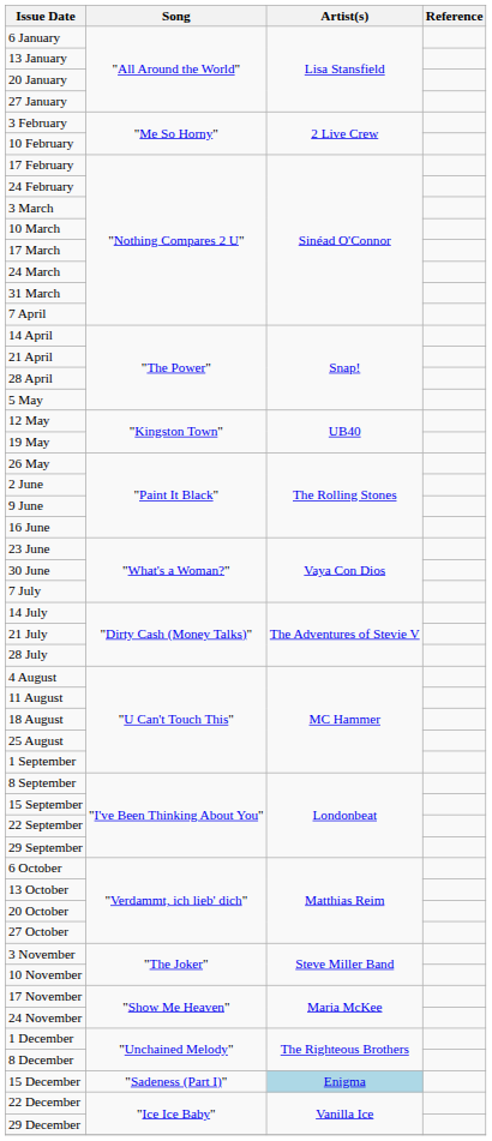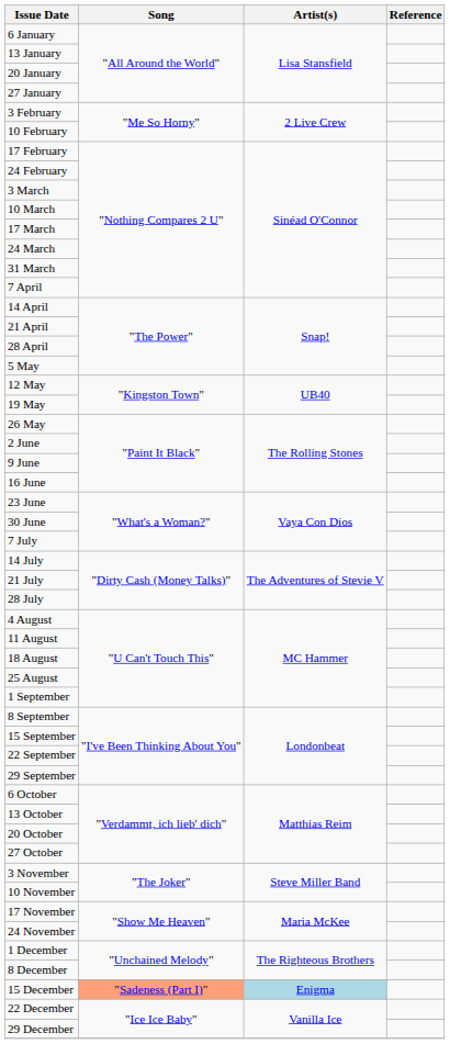 <table class="wikitable">
 <tr>
 <th align="center">Issue Date</th>
 <th align="center">Song</th>
 <th align="center">Artist(s)</th>
 <th align="center">Reference</th>
 </tr>
 <tr>
 <td>6 January</td>
 <td align="center" rowspan="4">"<a href='#'>All Around the World</a>"</td>
 <td align="center" rowspan="4"><a href='#'>Lisa Stansfield</a></td>
 <td align="center"></td>
 </tr>
 <tr>
 <td>13 January</td>
 <td align="center"></td>
 </tr>
 <tr>
 <td>20 January</td>
 <td align="center"></td>
 </tr>
 <tr>
 <td>27 January</td>
 <td align="center"></td>
 </tr>
 <tr>
 <td>3 February</td>
 <td align="center" rowspan="2">"<a href='#'>Me So Horny</a>"</td>
 <td align="center" rowspan="2"><a href='#'>2 Live Crew</a></td>
 <td align="center"></td>
 </tr>
 <tr>
 <td>10 February</td>
 <td align="center"></td>
 </tr>
 <tr>
 <td>17 February</td>
 <td align="center" rowspan="8">"<a href='#'>Nothing Compares 2 U</a>"</td>
 <td align="center" rowspan="8"><a href='#'>Sinéad O'Connor</a></td>
 <td align="center"></td>
 </tr>
 <tr>
 <td>24 February</td>
 <td align="center"></td>
 </tr>
 <tr>
 <td>3 March</td>
 <td align="center"></td>
 </tr>
 <tr>
 <td>10 March</td>
 <td align="center"></td>
 </tr>
 <tr>
 <td>17 March</td>
 <td align="center"></td>
 </tr>
 <tr>
 <td>24 March</td>
 <td align="center"></td>
 </tr>
 <tr>
 <td>31 March</td>
 <td align="center"></td>
 </tr>
 <tr>
 <td>7 April</td>
 <td align="center"></td>
 </tr>
 <tr>
 <td>14 April</td>
 <td align="center" rowspan="4">"<a href='#'>The Power</a>"</td>
 <td align="center" rowspan="4"><a href='#'>Snap!</a></td>
 <td align="center"></td>
 </tr>
 <tr>
 <td>21 April</td>
 <td align="center"></td>
 </tr>
 <tr>
 <td>28 April</td>
 <td align="center"></td>
 </tr>
 <tr>
 <td>5 May</td>
 <td align="center"></td>
 </tr>
 <tr>
 <td>12 May</td>
 <td align="center" rowspan="2">"<a href='#'>Kingston Town</a>"</td>
 <td align="center" rowspan="2"><a href='#'>UB40</a></td>
 <td align="center"></td>
 </tr>
 <tr>
 <td>19 May</td>
 <td align="center"></td>
 </tr>
 <tr>
 <td>26 May</td>
 <td align="center" rowspan="4">"<a href='#'>Paint It Black</a>"</td>
 <td align="center" rowspan="4"><a href='#'>The Rolling Stones</a></td>
 <td align="center"></td>
 </tr>
 <tr>
 <td>2 June</td>
 <td align="center"></td>
 </tr>
 <tr>
 <td>9 June</td>
 <td align="center"></td>
 </tr>
 <tr>
 <td>16 June</td>
 <td align="center"></td>
 </tr>
 <tr>
 <td>23 June</td>
 <td align="center" rowspan="3">"<a href='#'>What's a Woman?</a>"</td>
 <td align="center" rowspan="3"><a href='#'>Vaya Con Dios</a></td>
 <td align="center"></td>
 </tr>
 <tr>
 <td>30 June</td>
 <td align="center"></td>
 </tr>
 <tr>
 <td>7 July</td>
 <td align="center"></td>
 </tr>
 <tr>
 <td>14 July</td>
 <td align="center" rowspan="3">"<a href='#'>Dirty Cash (Money Talks)</a>"</td>
 <td align="center" rowspan="3"><a href='#'>The Adventures of Stevie V</a></td>
 <td align="center"></td>
 </tr>
 <tr>
 <td>21 July</td>
 <td align="center"></td>
 </tr>
 <tr>
 <td>28 July</td>
 <td align="center"></td>
 </tr>
 <tr>
 <td>4 August</td>
 <td align="center" rowspan="5">"<a href='#'>U Can't Touch This</a>"</td>
 <td align="center" rowspan="5"><a href='#'>MC Hammer</a></td>
 <td align="center"></td>
 </tr>
 <tr>
 <td>11 August</td>
 <td align="center"></td>
 </tr>
 <tr>
 <td>18 August</td>
 <td align="center"></td>
 </tr>
 <tr>
 <td>25 August</td>
 <td align="center"></td>
 </tr>
 <tr>
 <td>1 September</td>
 <td align="center"></td>
 </tr>
 <tr>
 <td>8 September</td>
 <td align="center" rowspan="4">"<a href='#'>I've Been Thinking About You</a>"</td>
 <td align="center" rowspan="4"><a href='#'>Londonbeat</a></td>
 <td align="center"></td>
 </tr>
 <tr>
 <td>15 September</td>
 <td align="center"></td>
 </tr>
 <tr>
 <td>22 September</td>
 <td align="center"></td>
 </tr>
 <tr>
 <td>29 September</td>
 <td align="center"></td>
 </tr>
 <tr>
 <td>6 October</td>
 <td align="center" rowspan="4">"<a href='#'>Verdammt, ich lieb' dich</a>"</td>
 <td align="center" rowspan="4"><a href='#'>Matthias Reim</a></td>
 <td align="center"></td>
 </tr>
 <tr>
 <td>13 October</td>
 <td align="center"></td>
 </tr>
 <tr>
 <td>20 October</td>
 <td align="center"></td>
 </tr>
 <tr>
 <td>27 October</td>
 <td align="center"></td>
 </tr>
 <tr>
 <td>3 November</td>
 <td align="center" rowspan="2">"<a href='#'>The Joker</a>"</td>
 <td align="center" rowspan="2"><a href='#'>Steve Miller Band</a></td>
 <td align="center"></td>
 </tr>
 <tr>
 <td>10 November</td>
 <td align="center"></td>
 </tr>
 <tr>
 <td>17 November</td>
 <td align="center" rowspan="2">"<a href='#'>Show Me Heaven</a>"</td>
 <td align="center" rowspan="2"><a href='#'>Maria McKee</a></td>
 <td align="center"></td>
 </tr>
 <tr>
 <td>24 November</td>
 <td align="center"></td>
 </tr>
 <tr>
 <td>1 December</td>
 <td align="center" rowspan="2">"<a href='#'>Unchained Melody</a>"</td>
 <td align="center" rowspan="2"><a href='#'>The Righteous Brothers</a></td>
 <td align="center"></td>
 </tr>
 <tr>
 <td>8 December</td>
 <td align="center"></td>
 </tr>
 <tr>
 <td>15 December</td>
-<td align="center">"<a href='#'>Sadeness (Part I)</a>"</td>
+<td align="center" style="background: lightsalmon;">"<a href='#'>Sadeness (Part I)</a>"</td>
 <td align="center" style="background: lightblue;"><a href='#'>Enigma</a></td>
 <td align="center"></td>
 </tr>
 <tr>
 <td>22 December</td>
 <td align="center" rowspan="2">"<a href='#'>Ice Ice Baby</a>"</td>
 <td align="center" rowspan="2"><a href='#'>Vanilla Ice</a></td>
 <td align="center"></td>
 </tr>
 <tr>
 <td>29 December</td>
 <td align="center"></td>
 </tr>
 <tr>
 </tr>
 </table>
